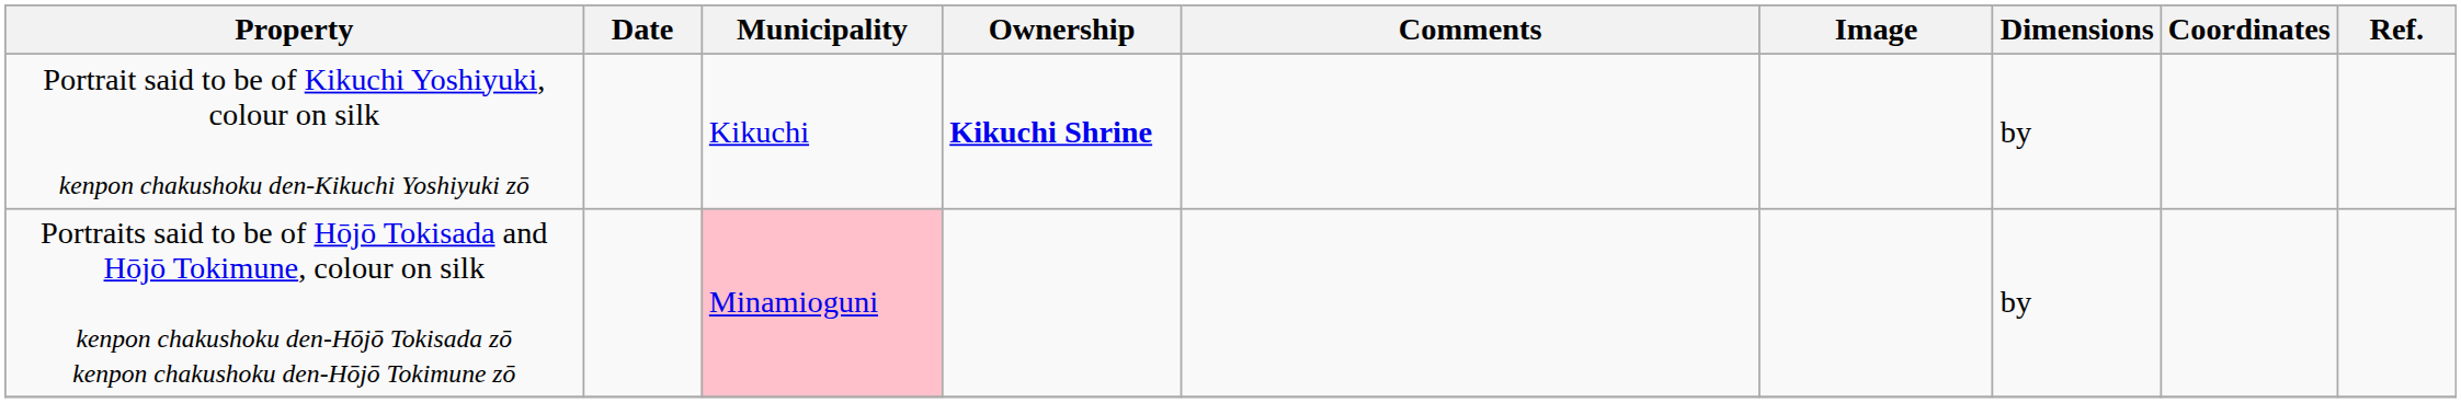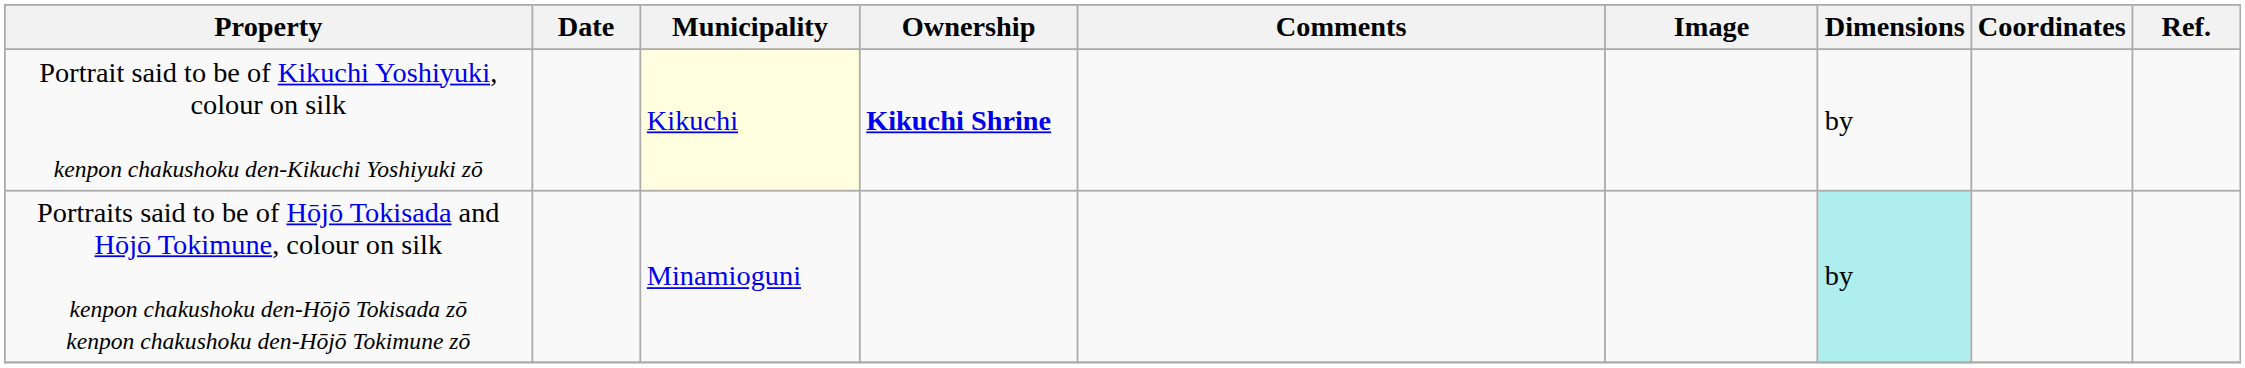 <table class="wikitable sortable"  style="width:100%;">
 <tr>
 <th width="25%" align="left">Property</th>
 <th width="5%" align="left">Date</th>
 <th width="10%" align="left">Municipality</th>
 <th width="10%" align="left">Ownership</th>
 <th width="25%" align="left" class="unsortable">Comments</th>
 <th width="10%" align="left" class="unsortable">Image</th>
 <th width="5%" align="left" class="unsortable">Dimensions</th>
 <th width="5%" align="left" class="unsortable">Coordinates</th>
 <th width="5%" align="left" class="unsortable">Ref.</th>
 </tr>
 <tr>
 <td align="center">Portrait said to be of <a href='#'>Kikuchi Yoshiyuki</a>, colour on silk<br><br><small><em>kenpon chakushoku den-Kikuchi Yoshiyuki zō</em></small></td>
 <td></td>
-<td><a href='#'>Kikuchi</a></td>
+<td style="background: lightyellow;"><a href='#'>Kikuchi</a></td>
 <td><strong><a href='#'>Kikuchi Shrine</a></strong></td>
 <td></td>
 <td></td>
 <td> by </td>
 <td></td>
 <td></td>
 </tr>
 <tr>
 <td align="center">Portraits said to be of <a href='#'>Hōjō Tokisada</a> and <a href='#'>Hōjō Tokimune</a>, colour on silk<br><br><small><em>kenpon chakushoku den-Hōjō Tokisada zō<br>kenpon chakushoku den-Hōjō Tokimune zō</em></small></td>
 <td></td>
-<td style="background: pink;"><a href='#'>Minamioguni</a></td>
+<td><a href='#'>Minamioguni</a></td>
 <td></td>
 <td></td>
 <td></td>
-<td> by </td>
+<td style="background: paleturquoise;"> by </td>
 <td></td>
 <td> </td>
 </tr>
 <tr>
 </tr>
 </table>
